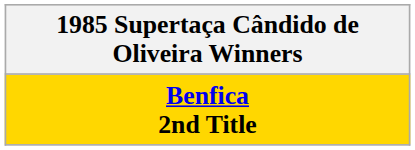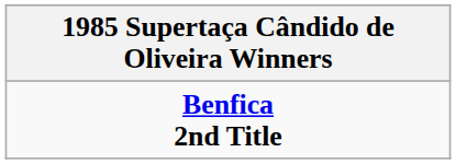 <table class="wikitable" style="text-align: center; margin: 0 auto; width: 20%">
 <tr>
 <th>1985 Supertaça Cândido de Oliveira Winners</th>
 </tr>
 <tr>
-<td style="background: gold;"><strong><a href='#'>Benfica</a></strong><br><strong>2nd Title</strong></td>
+<td><strong><a href='#'>Benfica</a></strong><br><strong>2nd Title</strong></td>
 </tr>
 </table>
